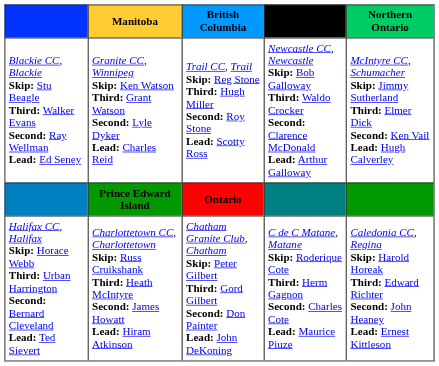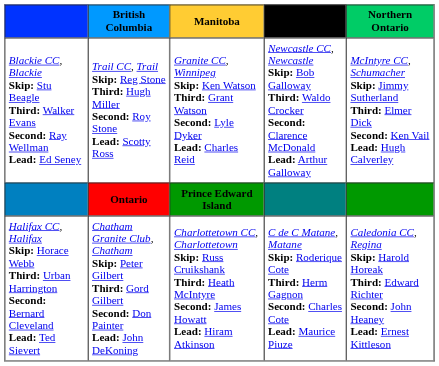 <table - border=1 cellpadding=5 cellspacing=0>
 <tr>
 <th bgcolor=#0033FF width=200></th>
+<th style="background:#09f; width:200px;">British Columbia</th>
 <th style="background:#FFCC33; width:200px;">Manitoba</th>
-<th style="background:#09f; width:200px;">British Columbia</th>
 <th bgcolor=#000000 width=200></th>
 <th style="background:#0c6; width:200px;">Northern Ontario</th>
 </tr>
 <tr>
 <td><em><a href='#'>Blackie CC</a>, <a href='#'>Blackie</a></em><br><strong>Skip:</strong> <a href='#'>Stu Beagle</a><br> <strong>Third:</strong> <a href='#'>Walker Evans</a><br> <strong>Second:</strong> <a href='#'>Ray Wellman</a><br> <strong>Lead:</strong> <a href='#'>Ed Seney</a></td>
+<td><em><a href='#'>Trail CC</a>, <a href='#'>Trail</a></em><br><strong>Skip:</strong> <a href='#'>Reg Stone</a><br> <strong>Third:</strong> <a href='#'>Hugh Miller</a><br> <strong>Second:</strong> <a href='#'>Roy Stone</a><br> <strong>Lead:</strong> <a href='#'>Scotty Ross</a></td>
 <td><em><a href='#'>Granite CC</a>, <a href='#'>Winnipeg</a></em><br><strong>Skip:</strong> <a href='#'>Ken Watson</a><br> <strong>Third:</strong> <a href='#'>Grant Watson</a><br> <strong>Second:</strong> <a href='#'>Lyle Dyker</a><br> <strong>Lead:</strong> <a href='#'>Charles Reid</a></td>
-<td><em><a href='#'>Trail CC</a>, <a href='#'>Trail</a></em><br><strong>Skip:</strong> <a href='#'>Reg Stone</a><br> <strong>Third:</strong> <a href='#'>Hugh Miller</a><br> <strong>Second:</strong> <a href='#'>Roy Stone</a><br> <strong>Lead:</strong> <a href='#'>Scotty Ross</a></td>
 <td><em><a href='#'>Newcastle CC</a>, <a href='#'>Newcastle</a></em><br><strong>Skip:</strong> <a href='#'>Bob Galloway</a><br> <strong>Third:</strong> <a href='#'>Waldo Crocker</a><br> <strong>Second:</strong> <a href='#'>Clarence McDonald</a><br> <strong>Lead:</strong> <a href='#'>Arthur Galloway</a></td>
 <td><em><a href='#'>McIntyre CC</a>, <a href='#'>Schumacher</a></em><br><strong>Skip:</strong> <a href='#'>Jimmy Sutherland</a><br> <strong>Third:</strong> <a href='#'>Elmer Dick</a><br> <strong>Second:</strong> <a href='#'>Ken Vail</a><br> <strong>Lead:</strong> <a href='#'>Hugh Calverley</a></td>
 </tr>
 <tr border=1 cellpadding=5 cellspacing=0>
 <th bgcolor=#0080C0 width=200></th>
+<th bgcolor=#FF0000 width=200>Ontario</th>
 <th style="background:#090; width:200px;">Prince Edward Island</th>
-<th bgcolor=#FF0000 width=200>Ontario</th>
 <th style="background:#008080; width:200px;"></th>
 <th bgcolor=#009900 width=200></th>
 </tr>
 <tr>
 <td><em><a href='#'>Halifax CC</a>, <a href='#'>Halifax</a></em><br><strong>Skip:</strong> <a href='#'>Horace Webb</a><br> <strong>Third:</strong> <a href='#'>Urban Harrington</a><br> <strong>Second:</strong> <a href='#'>Bernard Cleveland</a><br> <strong>Lead:</strong> <a href='#'>Ted Sievert</a></td>
+<td><em><a href='#'>Chatham Granite Club</a>, <a href='#'>Chatham</a></em><br><strong>Skip:</strong> <a href='#'>Peter Gilbert</a><br> <strong>Third:</strong> <a href='#'>Gord Gilbert</a><br> <strong>Second:</strong> <a href='#'>Don Painter</a><br> <strong>Lead:</strong> <a href='#'>John DeKoning</a></td>
 <td><em><a href='#'>Charlottetown CC</a>, <a href='#'>Charlottetown</a></em><br><strong>Skip:</strong> <a href='#'>Russ Cruikshank</a><br> <strong>Third:</strong> <a href='#'>Heath McIntyre</a><br> <strong>Second:</strong> <a href='#'>James Howatt</a><br> <strong>Lead:</strong> <a href='#'>Hiram Atkinson</a></td>
-<td><em><a href='#'>Chatham Granite Club</a>, <a href='#'>Chatham</a></em><br><strong>Skip:</strong> <a href='#'>Peter Gilbert</a><br> <strong>Third:</strong> <a href='#'>Gord Gilbert</a><br> <strong>Second:</strong> <a href='#'>Don Painter</a><br> <strong>Lead:</strong> <a href='#'>John DeKoning</a></td>
 <td><em><a href='#'>C de C Matane</a>, <a href='#'>Matane</a></em><br><strong>Skip:</strong> <a href='#'>Roderique Cote</a><br> <strong>Third:</strong> <a href='#'>Herm Gagnon</a><br> <strong>Second:</strong> <a href='#'>Charles Cote</a><br> <strong>Lead:</strong> <a href='#'>Maurice Piuze</a></td>
 <td><em><a href='#'>Caledonia CC</a>, <a href='#'>Regina</a></em><br><strong>Skip:</strong> <a href='#'>Harold Horeak</a><br> <strong>Third:</strong> <a href='#'>Edward Richter</a><br> <strong>Second:</strong> <a href='#'>John Heaney</a><br> <strong>Lead:</strong> <a href='#'>Ernest Kittleson</a></td>
 </tr>
 </table>
